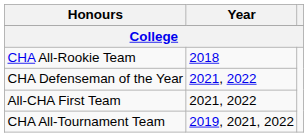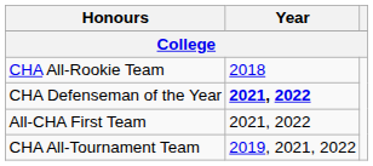 <table class="wikitable">
 <tr>
 <th>Honours</th>
 <th>Year</th>
 <th></th>
 </tr>
 <tr>
 </tr>
 <tr>
 <th colspan="3"><a href='#'>College</a></th>
 </tr>
 <tr>
 <td><a href='#'>CHA</a> All-Rookie Team</td>
 <td><a href='#'>2018</a></td>
 <td rowspan="4"></td>
 </tr>
 <tr>
 <td>CHA Defenseman of the Year</td>
-<td><a href='#'>2021</a>, <a href='#'>2022</a></td>
+<td><strong><a href='#'>2021</a>, <a href='#'>2022</a></strong></td>
 </tr>
 <tr>
 <td>All-CHA First Team</td>
 <td>2021, 2022</td>
 </tr>
 <tr>
 <td>CHA All-Tournament Team</td>
 <td><a href='#'>2019</a>, 2021, 2022</td>
 </tr>
 </table>
